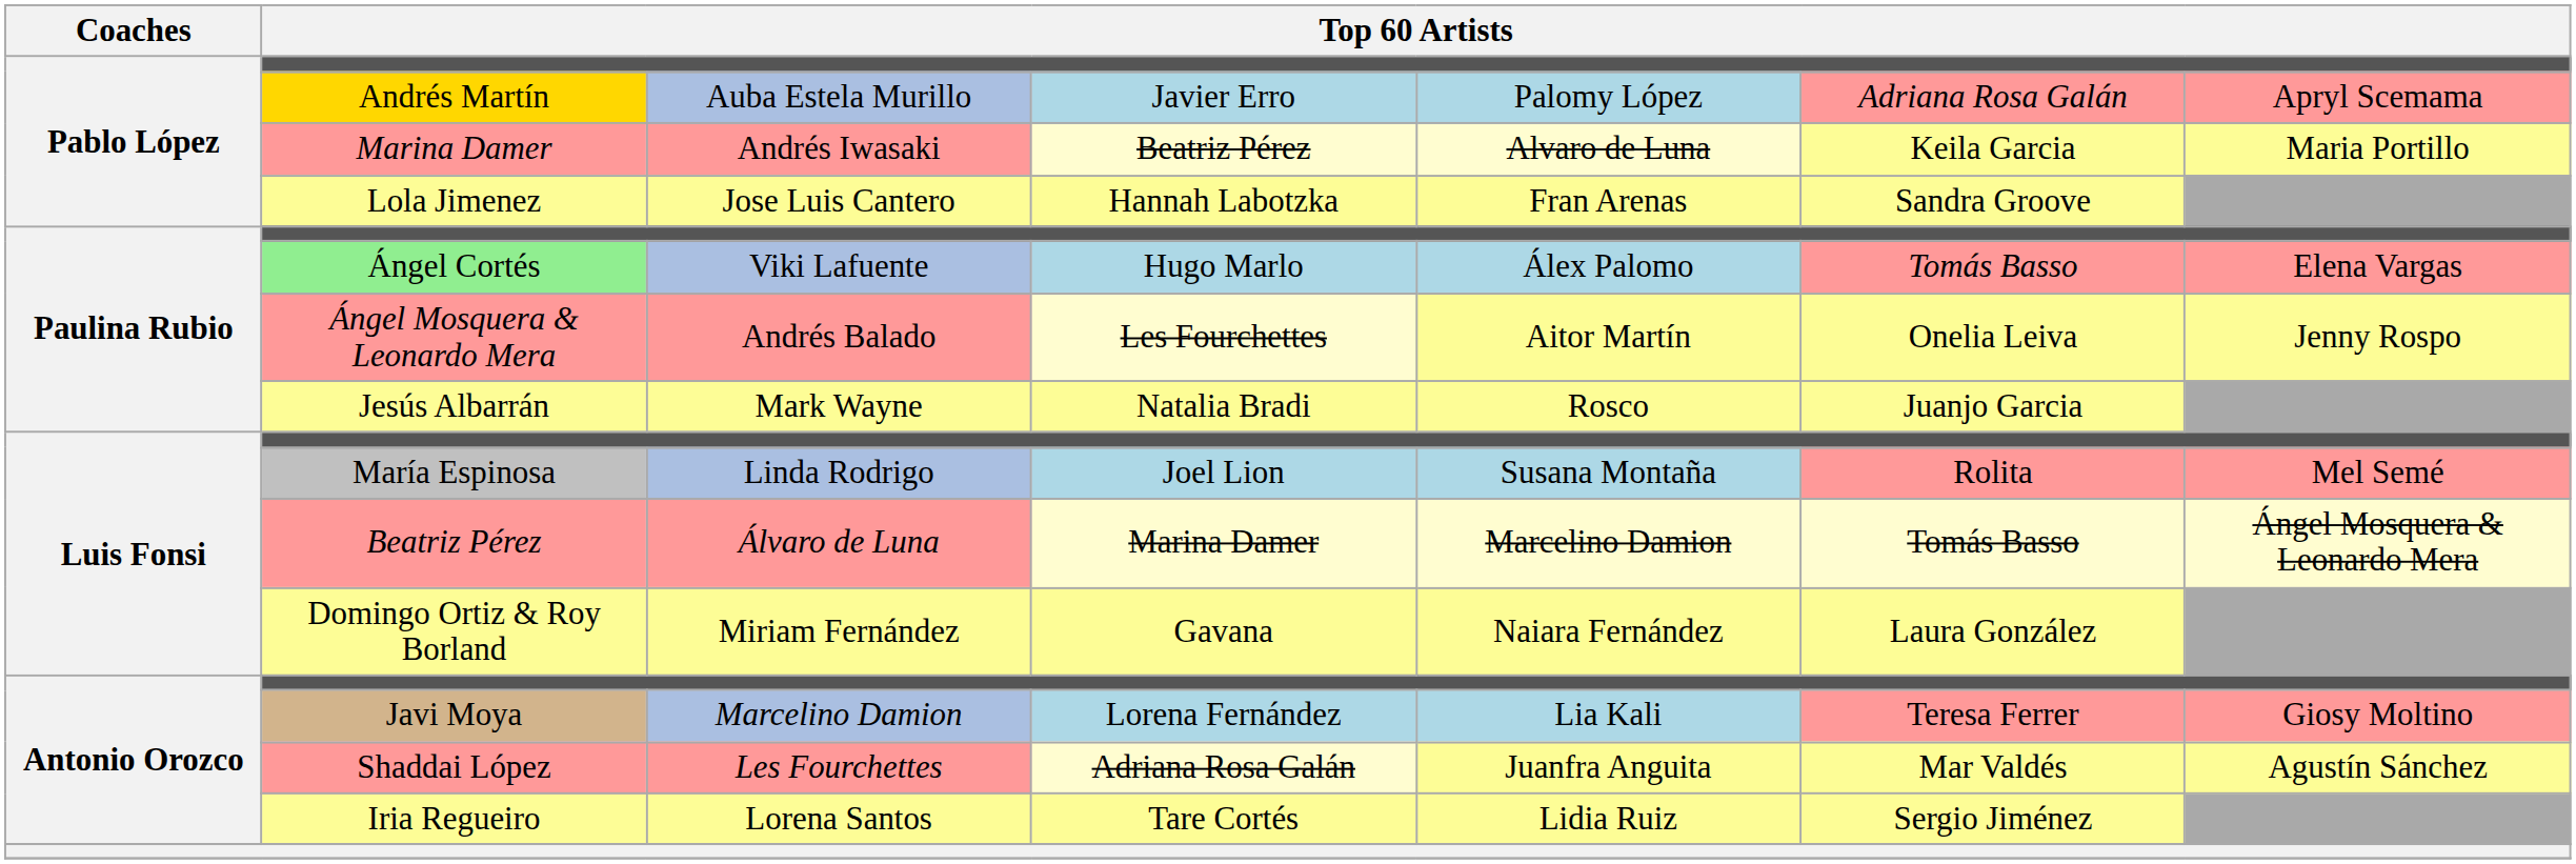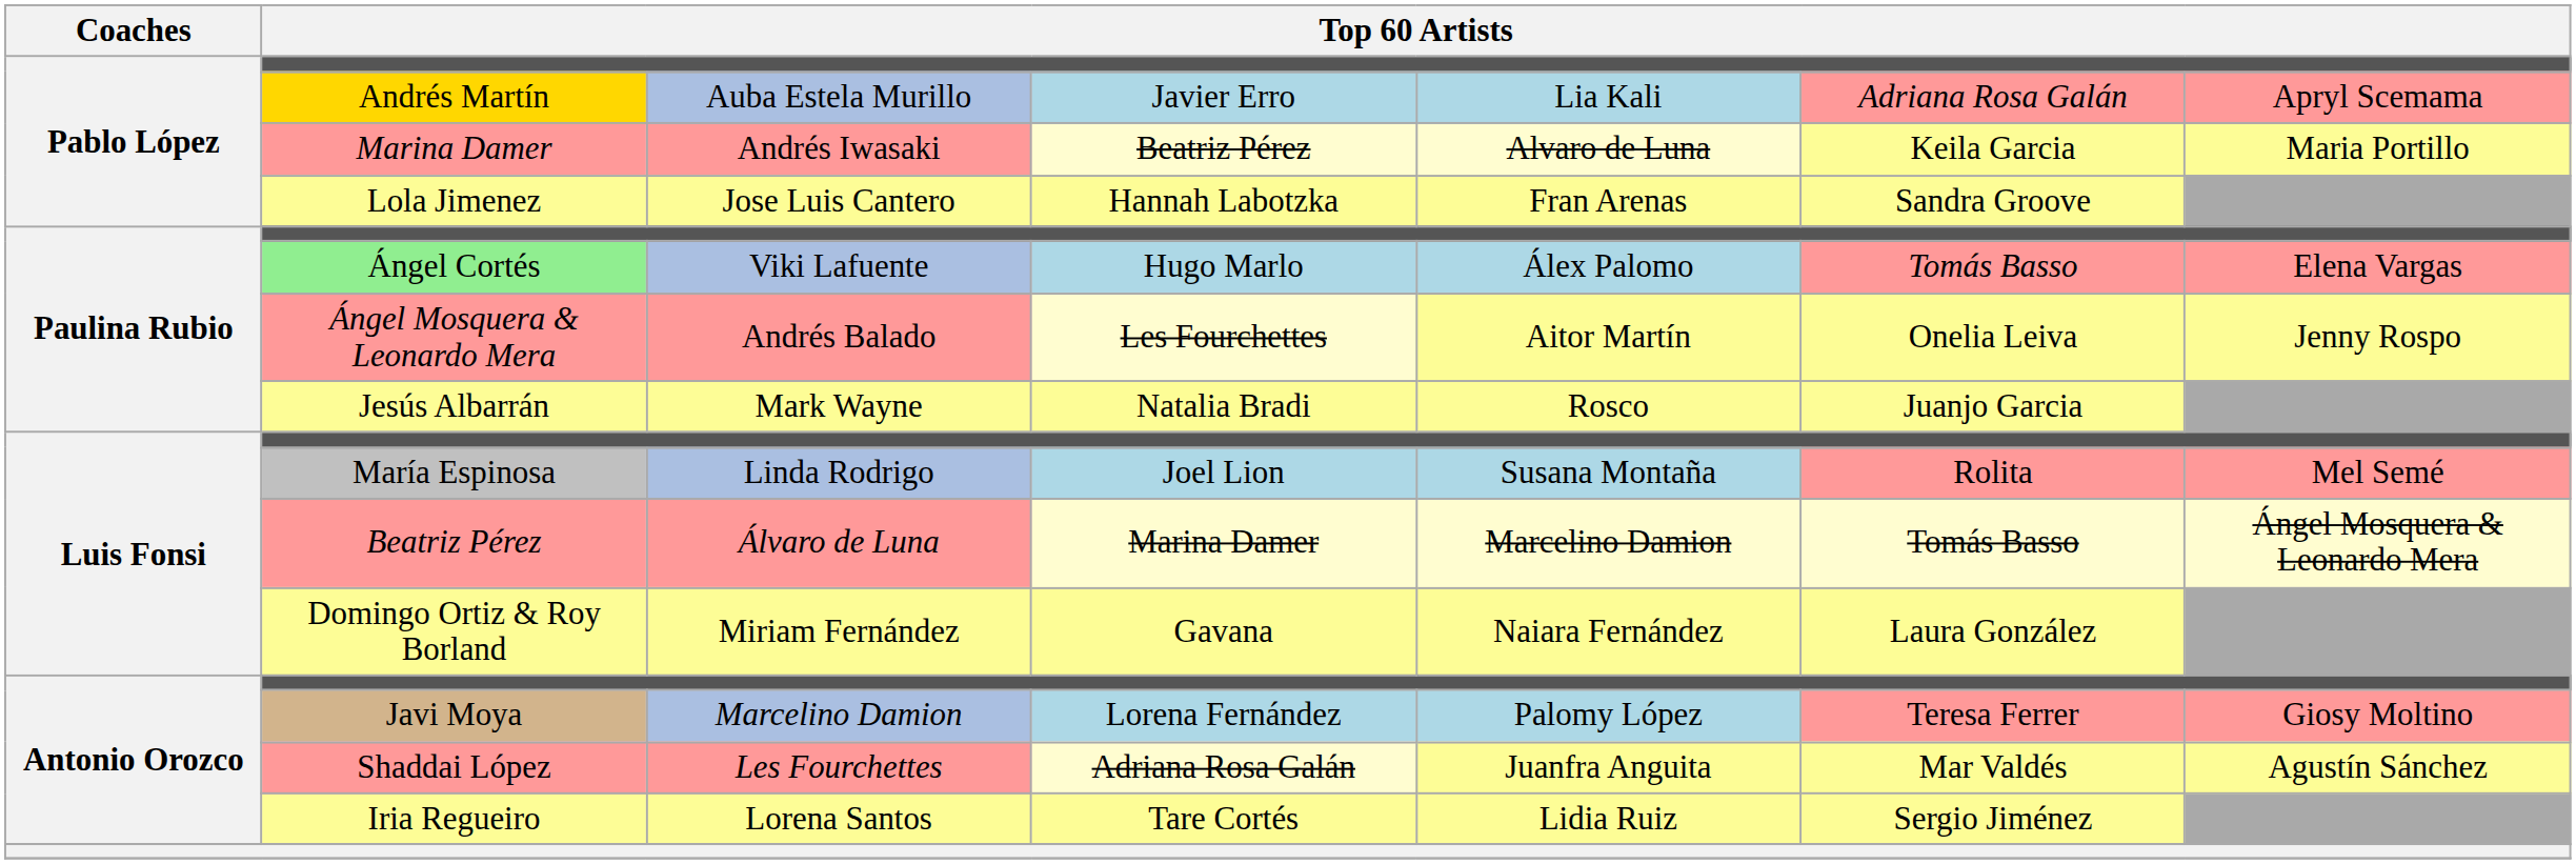 <table class="wikitable" style="text-align:center;width:100%">
 <tr>
 <th scope="col" style="width:10%;">Coaches</th>
 <th scope="col" style="width:90%;" colspan="6">Top 60 Artists</th>
 </tr>
 <tr>
 <th rowspan="4">Pablo López</th>
 <td colspan="6" style="background:#555;"></td>
 </tr>
 <tr>
 <td bgcolor=gold width="15%">Andrés Martín</td>
 <td bgcolor=#aabfe1 width="15%">Auba Estela Murillo</td>
 <td bgcolor=lightblue width="15%">Javier Erro</td>
-<td bgcolor=lightblue width="15%">Palomy López</td>
+<td bgcolor=lightblue>Lia Kali</td>
 <td bgcolor=#FF9999><em>Adriana Rosa Galán</em></td>
 <td bgcolor=#FF9999 width="15%">Apryl Scemama</td>
 </tr>
 <tr>
 <td bgcolor=#FF9999><em>Marina Damer</em></td>
 <td bgcolor=#FF9999>Andrés Iwasaki</td>
 <td bgcolor=#FFFDD0><s>Beatriz Pérez</s></td>
 <td bgcolor=#FFFDD0><s>Alvaro de Luna</s></td>
 <td bgcolor=#FDFD96>Keila Garcia</td>
 <td bgcolor=#FDFD96>Maria Portillo</td>
 </tr>
 <tr>
 <td bgcolor=#FDFD96>Lola Jimenez</td>
 <td bgcolor=#FDFD96>Jose Luis Cantero</td>
 <td bgcolor=#FDFD96>Hannah Labotzka</td>
 <td bgcolor=#FDFD96>Fran Arenas</td>
 <td bgcolor=#FDFD96>Sandra Groove</td>
 <td style="background:darkgray;"></td>
 </tr>
 <tr>
 <th rowspan="4">Paulina Rubio</th>
 <td colspan="6" style="background:#555;"></td>
 </tr>
 <tr>
 <td bgcolor=lightgreen>Ángel Cortés</td>
 <td bgcolor=#aabfe1>Viki Lafuente</td>
 <td bgcolor=lightblue>Hugo Marlo</td>
 <td bgcolor=lightblue>Álex Palomo</td>
 <td bgcolor=#FF9999 width="15%"><em>Tomás Basso</em></td>
 <td bgcolor=#FF9999>Elena Vargas</td>
 </tr>
 <tr>
 <td bgcolor=#FF9999><em>Ángel Mosquera & Leonardo Mera</em></td>
 <td bgcolor=#FF9999>Andrés Balado</td>
 <td bgcolor=#FFFDD0><s>Les Fourchettes</s></td>
 <td bgcolor=#FDFD96>Aitor Martín</td>
 <td bgcolor=#FDFD96>Onelia Leiva</td>
 <td bgcolor=#FDFD96>Jenny Rospo</td>
 </tr>
 <tr>
 <td bgcolor=#FDFD96>Jesús Albarrán</td>
 <td bgcolor=#FDFD96>Mark Wayne</td>
 <td bgcolor=#FDFD96>Natalia Bradi</td>
 <td bgcolor=#FDFD96>Rosco</td>
 <td bgcolor=#FDFD96>Juanjo Garcia</td>
 <td style="background:darkgray;"></td>
 </tr>
 <tr>
 <th rowspan="4">Luis Fonsi</th>
 <td colspan="6" style="background:#555;"></td>
 </tr>
 <tr>
 <td bgcolor=silver>María Espinosa</td>
 <td bgcolor=#aabfe1>Linda Rodrigo</td>
 <td bgcolor=lightblue>Joel Lion</td>
 <td bgcolor=lightblue>Susana Montaña</td>
 <td bgcolor=#FF9999>Rolita</td>
 <td bgcolor=#FF9999>Mel Semé</td>
 </tr>
 <tr>
 <td bgcolor=#FF9999><em>Beatriz Pérez</em></td>
 <td bgcolor=#FF9999><em>Álvaro de Luna</em></td>
 <td bgcolor=#FFFDD0><s>Marina Damer</s></td>
 <td bgcolor=#FFFDD0><s>Marcelino Damion</s></td>
 <td bgcolor=#FFFDD0><s>Tomás Basso</s></td>
 <td bgcolor=#FFFDD0><s>Ángel Mosquera & Leonardo Mera</s></td>
 </tr>
 <tr>
 <td bgcolor=#FDFD96>Domingo Ortiz & Roy Borland</td>
 <td bgcolor=#FDFD96>Miriam Fernández</td>
 <td bgcolor=#FDFD96>Gavana</td>
 <td bgcolor=#FDFD96>Naiara Fernández</td>
 <td bgcolor=#FDFD96>Laura González</td>
 <td style="background:darkgray;"></td>
 </tr>
 <tr>
 <th rowspan="4">Antonio Orozco</th>
 <td colspan="6" style="background:#555;"></td>
 </tr>
 <tr>
 <td bgcolor=tan>Javi Moya</td>
 <td bgcolor=#aabfe1><em>Marcelino Damion</em></td>
 <td bgcolor=lightblue>Lorena Fernández</td>
-<td bgcolor=lightblue>Lia Kali</td>
+<td bgcolor=lightblue width="15%">Palomy López</td>
 <td bgcolor=#FF9999>Teresa Ferrer</td>
 <td bgcolor=#FF9999>Giosy Moltino</td>
 </tr>
 <tr>
 <td bgcolor=#FF9999>Shaddai López</td>
 <td bgcolor=#FF9999><em>Les Fourchettes</em></td>
 <td bgcolor=#FFFDD0><s>Adriana Rosa Galán</s></td>
 <td bgcolor=#FDFD96>Juanfra Anguita</td>
 <td bgcolor=#FDFD96>Mar Valdés</td>
 <td bgcolor=#FDFD96>Agustín Sánchez</td>
 </tr>
 <tr>
 <td bgcolor=#FDFD96>Iria Regueiro</td>
 <td bgcolor=#FDFD96>Lorena Santos</td>
 <td bgcolor=#FDFD96>Tare Cortés</td>
 <td bgcolor=#FDFD96>Lidia Ruiz</td>
 <td bgcolor=#FDFD96>Sergio Jiménez</td>
 <td style="background:darkgray;"></td>
 </tr>
 <tr>
 </tr>
 <tr>
 <th style="font-size:90%; line-height:12px;" colspan="7"><small></small></th>
 </tr>
 <tr>
 </tr>
 </table>
